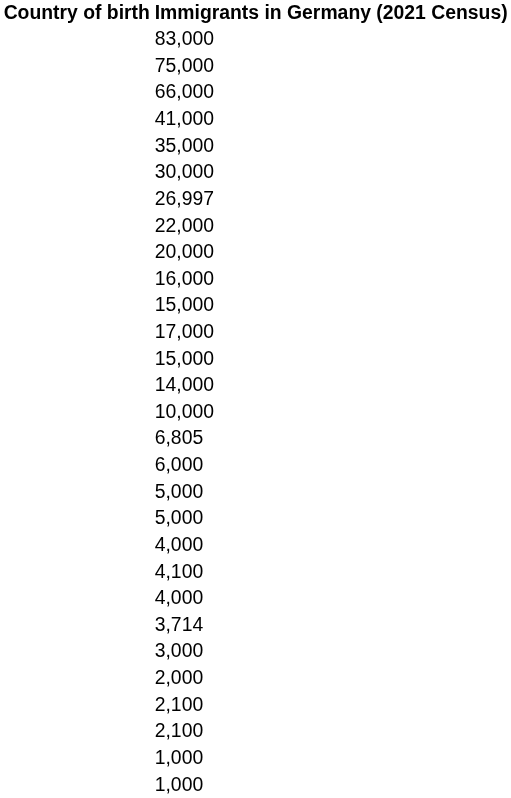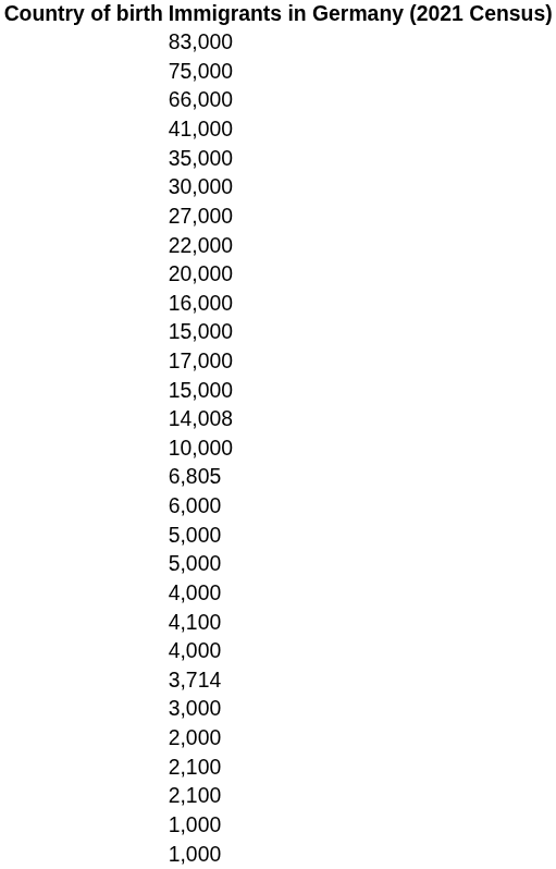 <table>
 <tr>
 <th>Country of birth</th>
 <th>Immigrants in Germany (2021 Census)</th>
 </tr>
 <tr>
 <td></td>
 <td>83,000</td>
 </tr>
 <tr>
 <td></td>
 <td>75,000</td>
 </tr>
 <tr>
 <td></td>
 <td>66,000</td>
 </tr>
 <tr>
 <td></td>
 <td>41,000</td>
 </tr>
 <tr>
 <td></td>
 <td>35,000</td>
 </tr>
 <tr>
 <td></td>
 <td>30,000</td>
 </tr>
 <tr>
 <td></td>
-<td>26,997</td>
+<td>27,000</td>
 </tr>
 <tr>
 <td></td>
 <td>22,000</td>
 </tr>
 <tr>
 <td></td>
 <td>20,000</td>
 </tr>
 <tr>
 <td></td>
 <td>16,000</td>
 </tr>
 <tr>
 <td></td>
 <td>15,000</td>
 </tr>
 <tr>
 <td></td>
 <td>17,000</td>
 </tr>
 <tr>
 <td></td>
 <td>15,000</td>
 </tr>
 <tr>
 <td></td>
-<td>14,000</td>
+<td>14,008</td>
 </tr>
 <tr>
 <td></td>
 <td>10,000</td>
 </tr>
 <tr>
 <td></td>
 <td>6,805</td>
 </tr>
 <tr>
 <td></td>
 <td>6,000</td>
 </tr>
 <tr>
 <td></td>
 <td>5,000</td>
 </tr>
 <tr>
 <td></td>
 <td>5,000</td>
 </tr>
 <tr>
 <td></td>
 <td>4,000</td>
 </tr>
 <tr>
 <td></td>
 <td>4,100</td>
 </tr>
 <tr>
 <td></td>
 <td>4,000</td>
 </tr>
 <tr>
 <td></td>
 <td>3,714</td>
 </tr>
 <tr>
 <td></td>
 <td>3,000</td>
 </tr>
 <tr>
 <td></td>
 <td>2,000</td>
 </tr>
 <tr>
 <td></td>
 <td>2,100</td>
 </tr>
 <tr>
 <td></td>
 <td>2,100</td>
 </tr>
 <tr>
 <td></td>
 <td>1,000</td>
 </tr>
 <tr>
 <td></td>
 <td>1,000</td>
 </tr>
 </table>
